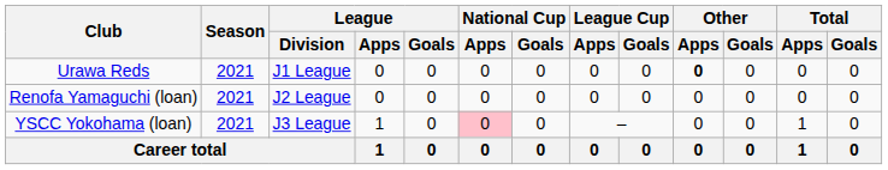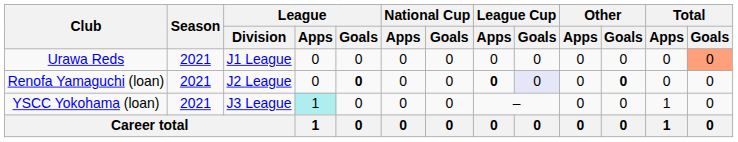 <table class="wikitable" style="text-align: center">
 <tr>
 <th rowspan="2">Club</th>
 <th rowspan="2">Season</th>
 <th colspan="3">League</th>
 <th colspan="2">National Cup</th>
 <th colspan="2">League Cup</th>
 <th colspan="2">Other</th>
 <th colspan="2">Total</th>
 </tr>
 <tr>
 <th>Division</th>
 <th>Apps</th>
 <th>Goals</th>
 <th>Apps</th>
 <th>Goals</th>
 <th>Apps</th>
 <th>Goals</th>
 <th>Apps</th>
 <th>Goals</th>
 <th>Apps</th>
 <th>Goals</th>
 </tr>
 <tr>
 <td><a href='#'>Urawa Reds</a></td>
 <td><a href='#'>2021</a></td>
 <td><a href='#'>J1 League</a></td>
 <td>0</td>
 <td>0</td>
 <td>0</td>
 <td>0</td>
 <td>0</td>
 <td>0</td>
-<td><strong>0</strong></td>
 <td>0</td>
 <td>0</td>
 <td>0</td>
+<td style="background: lightsalmon;">0</td>
 </tr>
 <tr>
 <td><a href='#'>Renofa Yamaguchi</a> (loan)</td>
 <td><a href='#'>2021</a></td>
 <td><a href='#'>J2 League</a></td>
 <td>0</td>
+<td><strong>0</strong></td>
 <td>0</td>
 <td>0</td>
+<td><strong>0</strong></td>
+<td style="background: lavender;">0</td>
 <td>0</td>
-<td>0</td>
-<td>0</td>
-<td>0</td>
-<td>0</td>
+<td><strong>0</strong></td>
 <td>0</td>
 <td>0</td>
 </tr>
 <tr>
 <td><a href='#'>YSCC Yokohama</a> (loan)</td>
 <td><a href='#'>2021</a></td>
 <td><a href='#'>J3 League</a></td>
-<td>1</td>
+<td style="background: paleturquoise;">1</td>
 <td>0</td>
-<td style="background: pink;">0</td>
+<td>0</td>
 <td>0</td>
 <td colspan="2">–</td>
 <td>0</td>
 <td>0</td>
 <td>1</td>
 <td>0</td>
 </tr>
 <tr>
 <th colspan=3>Career total</th>
 <th>1</th>
 <th>0</th>
 <th>0</th>
 <th>0</th>
 <th>0</th>
 <th>0</th>
 <th>0</th>
 <th>0</th>
 <th>1</th>
 <th>0</th>
 </tr>
 </table>
